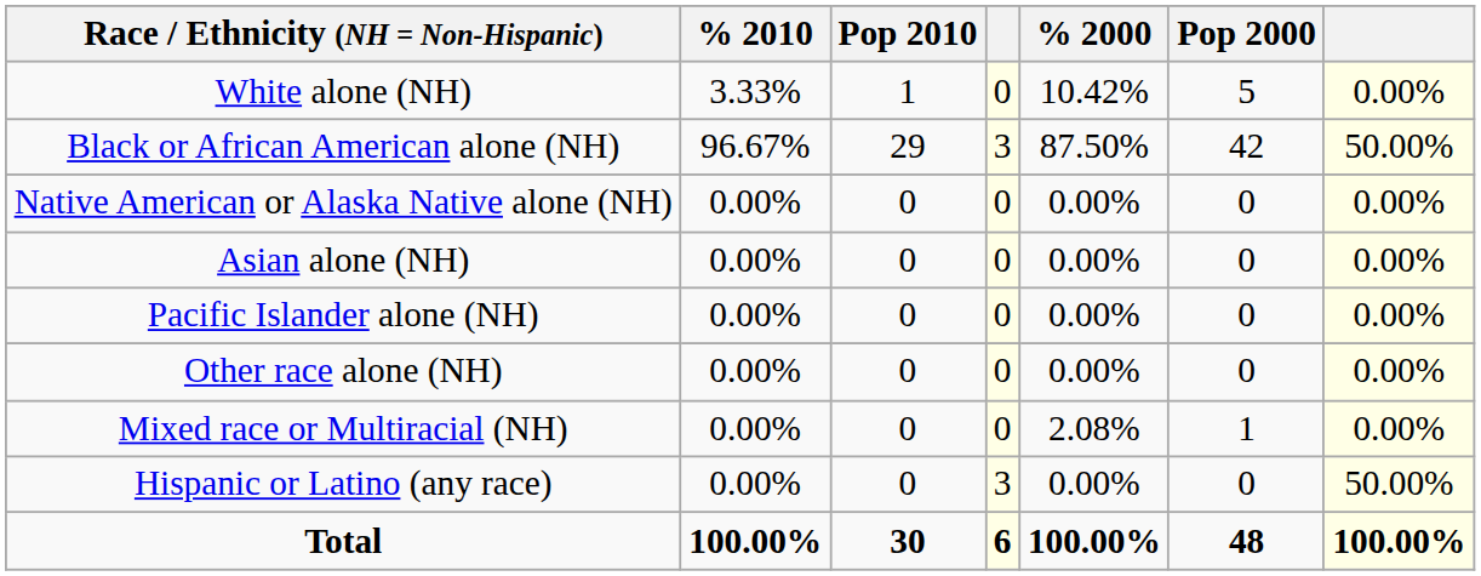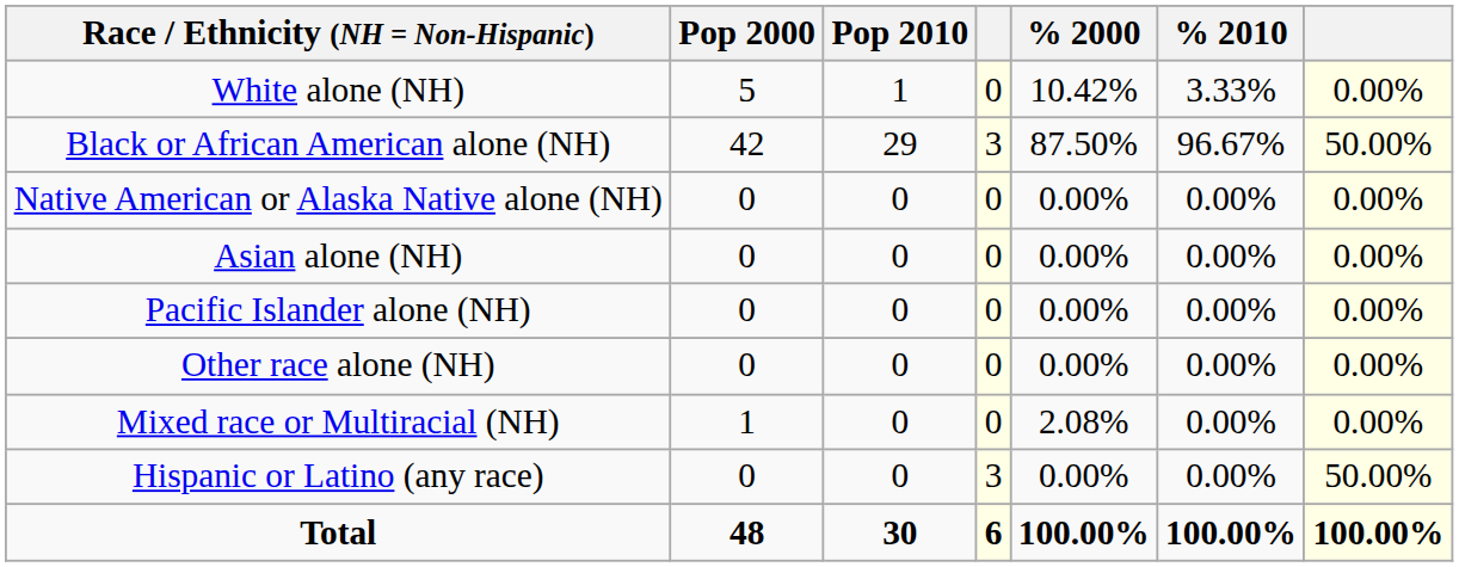 <table class="wikitable" style="text-align:center;">
 <tr>
 <th>Race / Ethnicity <small>(<em>NH = Non-Hispanic</em>)</small></th>
-<th>% 2010</th>
+<th>Pop 2000</th>
 <th>Pop 2010</th>
 <th></th>
 <th>% 2000</th>
-<th>Pop 2000</th>
+<th>% 2010</th>
 <th></th>
 </tr>
 <tr>
 <td><a href='#'>White</a> alone (NH)</td>
-<td>3.33%</td>
+<td>5</td>
 <td>1</td>
 <td style='background: #ffffe6;'>0</td>
 <td>10.42%</td>
-<td>5</td>
+<td>3.33%</td>
 <td style='background: #ffffe6;'>0.00%</td>
 </tr>
 <tr>
 <td><a href='#'>Black or African American</a> alone (NH)</td>
-<td>96.67%</td>
+<td>42</td>
 <td>29</td>
 <td style='background: #ffffe6;'>3</td>
 <td>87.50%</td>
-<td>42</td>
+<td>96.67%</td>
 <td style='background: #ffffe6;'>50.00%</td>
 </tr>
 <tr>
 <td><a href='#'>Native American</a> or <a href='#'>Alaska Native</a> alone (NH)</td>
-<td>0.00%</td>
+<td>0</td>
 <td>0</td>
 <td style='background: #ffffe6;'>0</td>
 <td>0.00%</td>
-<td>0</td>
+<td>0.00%</td>
 <td style='background: #ffffe6;'>0.00%</td>
 </tr>
 <tr>
 <td><a href='#'>Asian</a> alone (NH)</td>
-<td>0.00%</td>
+<td>0</td>
 <td>0</td>
 <td style='background: #ffffe6;'>0</td>
 <td>0.00%</td>
-<td>0</td>
+<td>0.00%</td>
 <td style='background: #ffffe6;'>0.00%</td>
 </tr>
 <tr>
 <td><a href='#'>Pacific Islander</a> alone (NH)</td>
-<td>0.00%</td>
+<td>0</td>
 <td>0</td>
 <td style='background: #ffffe6;'>0</td>
 <td>0.00%</td>
-<td>0</td>
+<td>0.00%</td>
 <td style='background: #ffffe6;'>0.00%</td>
 </tr>
 <tr>
 <td><a href='#'>Other race</a> alone (NH)</td>
-<td>0.00%</td>
+<td>0</td>
 <td>0</td>
 <td style='background: #ffffe6;'>0</td>
 <td>0.00%</td>
-<td>0</td>
+<td>0.00%</td>
 <td style='background: #ffffe6;'>0.00%</td>
 </tr>
 <tr>
 <td><a href='#'>Mixed race or Multiracial</a> (NH)</td>
-<td>0.00%</td>
+<td>1</td>
 <td>0</td>
 <td style='background: #ffffe6;'>0</td>
 <td>2.08%</td>
-<td>1</td>
+<td>0.00%</td>
 <td style='background: #ffffe6;'>0.00%</td>
 </tr>
 <tr>
 <td><a href='#'>Hispanic or Latino</a> (any race)</td>
-<td>0.00%</td>
+<td>0</td>
 <td>0</td>
 <td style='background: #ffffe6;'>3</td>
 <td>0.00%</td>
-<td>0</td>
+<td>0.00%</td>
 <td style='background: #ffffe6;'>50.00%</td>
 </tr>
 <tr>
 <td><strong>Total</strong></td>
-<td><strong>100.00%</strong></td>
+<td><strong>48</strong></td>
 <td><strong>30</strong></td>
 <td style='background: #ffffe6;'><strong>6</strong></td>
 <td><strong>100.00%</strong></td>
-<td><strong>48</strong></td>
+<td><strong>100.00%</strong></td>
 <td style='background: #ffffe6;'><strong>100.00%</strong></td>
 </tr>
 </table>
